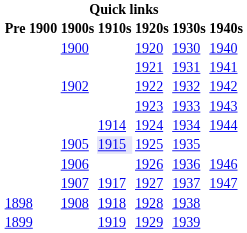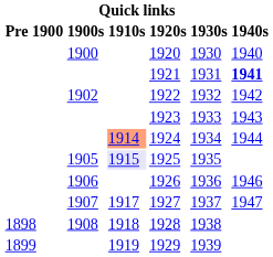 <table id=toc>
 <tr>
 <td colspan="6" align="center"><strong>Quick links</strong></td>
 </tr>
 <tr>
 <th>Pre 1900</th>
 <th>1900s</th>
 <th>1910s</th>
 <th>1920s</th>
 <th>1930s</th>
 <th>1940s</th>
 </tr>
 <tr>
 <td></td>
 <td><a href='#'>1900</a></td>
 <td></td>
 <td><a href='#'>1920</a></td>
 <td><a href='#'>1930</a></td>
 <td><a href='#'>1940</a></td>
 </tr>
 <tr>
 <td></td>
 <td></td>
 <td></td>
 <td><a href='#'>1921</a></td>
 <td><a href='#'>1931</a></td>
-<td><a href='#'>1941</a></td>
+<td><strong><a href='#'>1941</a></strong></td>
 </tr>
 <tr>
 <td></td>
 <td><a href='#'>1902</a></td>
 <td></td>
 <td><a href='#'>1922</a></td>
 <td><a href='#'>1932</a></td>
 <td><a href='#'>1942</a></td>
 </tr>
 <tr>
 <td></td>
 <td></td>
 <td></td>
 <td><a href='#'>1923</a></td>
 <td><a href='#'>1933</a></td>
 <td><a href='#'>1943</a></td>
 </tr>
 <tr>
 <td></td>
 <td></td>
-<td><a href='#'>1914</a></td>
+<td style="background: lightsalmon;"><a href='#'>1914</a></td>
 <td><a href='#'>1924</a></td>
 <td><a href='#'>1934</a></td>
 <td><a href='#'>1944</a></td>
 </tr>
 <tr>
 <td></td>
 <td><a href='#'>1905</a></td>
 <td style="background: lavender;"><a href='#'>1915</a></td>
 <td><a href='#'>1925</a></td>
 <td><a href='#'>1935</a></td>
 <td></td>
 </tr>
 <tr>
 <td></td>
 <td><a href='#'>1906</a></td>
 <td></td>
 <td><a href='#'>1926</a></td>
 <td><a href='#'>1936</a></td>
 <td><a href='#'>1946</a></td>
 </tr>
 <tr>
 <td></td>
 <td><a href='#'>1907</a></td>
 <td><a href='#'>1917</a></td>
 <td><a href='#'>1927</a></td>
 <td><a href='#'>1937</a></td>
 <td><a href='#'>1947</a></td>
 </tr>
 <tr>
 <td><a href='#'>1898</a></td>
 <td><a href='#'>1908</a></td>
 <td><a href='#'>1918</a></td>
 <td><a href='#'>1928</a></td>
 <td><a href='#'>1938</a></td>
 <td></td>
 </tr>
 <tr>
 <td><a href='#'>1899</a></td>
 <td></td>
 <td><a href='#'>1919</a></td>
 <td><a href='#'>1929</a></td>
 <td><a href='#'>1939</a></td>
 <td></td>
 </tr>
 <tr>
 </tr>
 </table>
